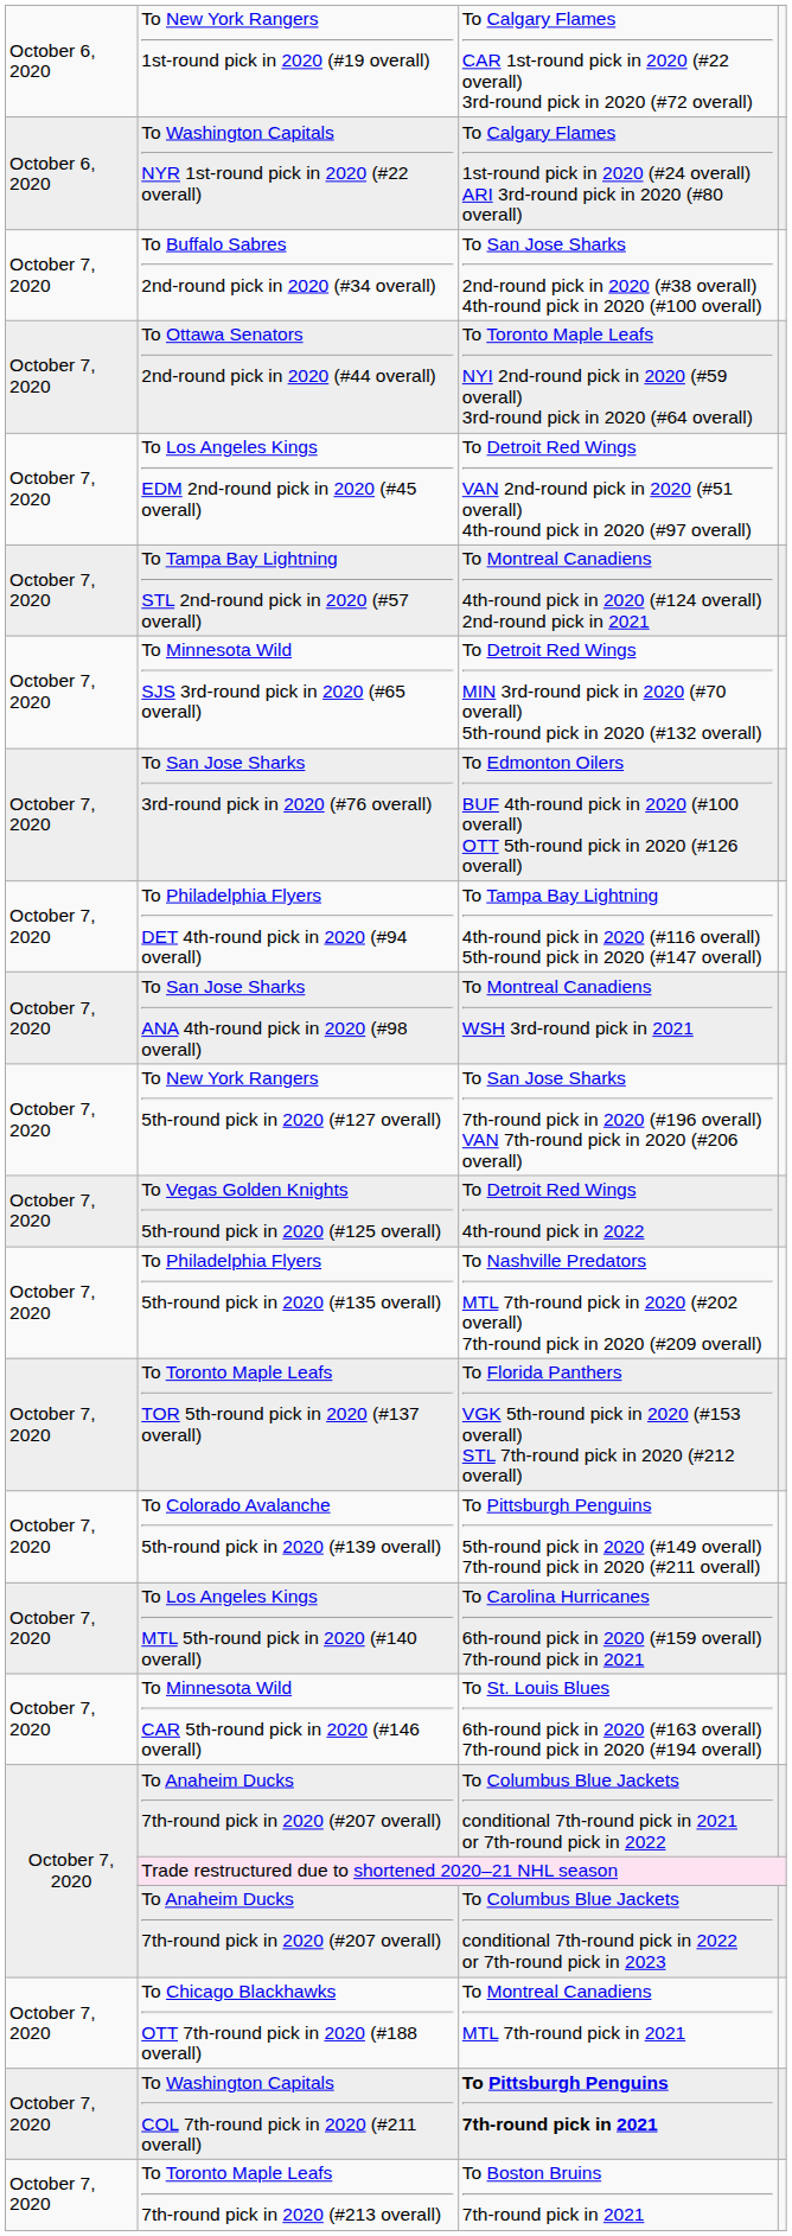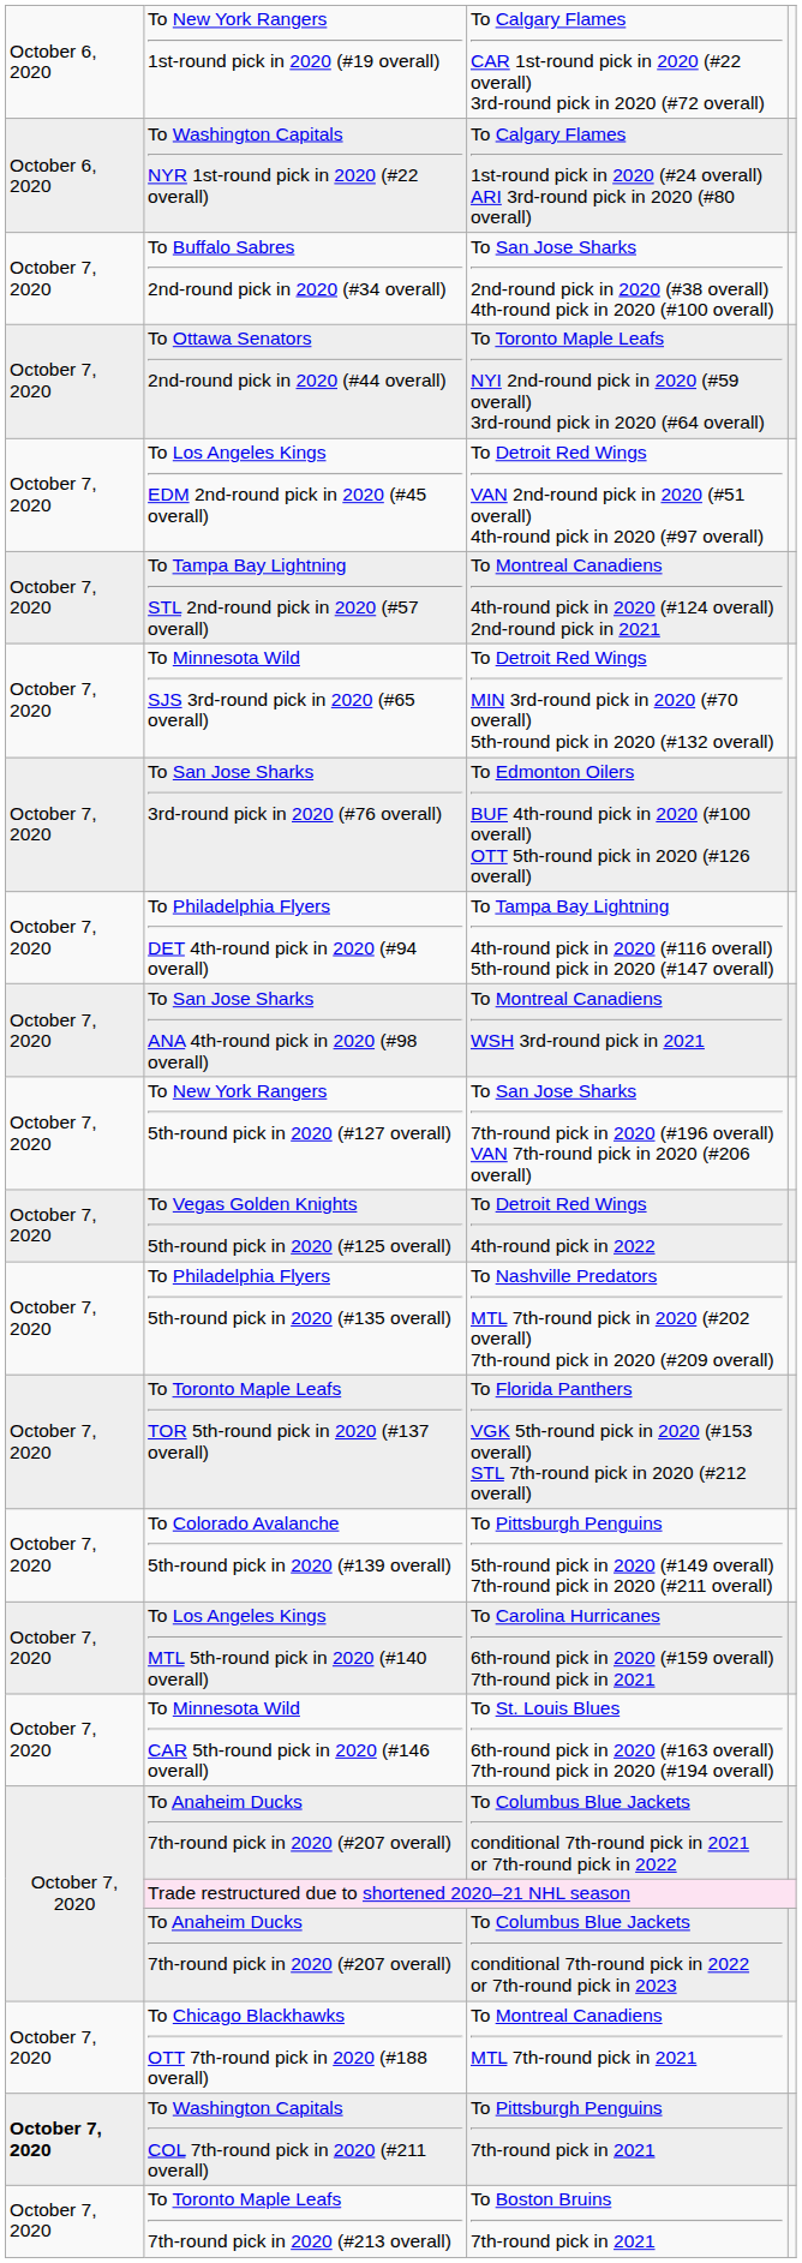 <table class="wikitable" style="border:1px solid #999999; width:680px;">
 <tr>
 <td>October 6, 2020</td>
 <td valign="top">To <a href='#'>New York Rangers</a><hr>1st-round pick in <a href='#'>2020</a> (#19 overall)</td>
 <td valign="top">To <a href='#'>Calgary Flames</a><hr><a href='#'>CAR</a> 1st-round pick in <a href='#'>2020</a> (#22 overall)<br>3rd-round pick in 2020 (#72 overall)</td>
 <td></td>
 </tr>
 <tr bgcolor="eeeeee">
 <td>October 6, 2020</td>
 <td valign="top">To <a href='#'>Washington Capitals</a><hr><a href='#'>NYR</a> 1st-round pick in <a href='#'>2020</a> (#22 overall)</td>
 <td valign="top">To <a href='#'>Calgary Flames</a><hr>1st-round pick in <a href='#'>2020</a> (#24 overall)<br><a href='#'>ARI</a> 3rd-round pick in 2020 (#80 overall)</td>
 <td></td>
 </tr>
 <tr>
 <td>October 7, 2020</td>
 <td valign="top">To <a href='#'>Buffalo Sabres</a><hr>2nd-round pick in <a href='#'>2020</a> (#34 overall)</td>
 <td valign="top">To <a href='#'>San Jose Sharks</a><hr>2nd-round pick in <a href='#'>2020</a> (#38 overall)<br>4th-round pick in 2020 (#100 overall)</td>
 <td></td>
 </tr>
 <tr bgcolor="eeeeee">
 <td>October 7, 2020</td>
 <td valign="top">To <a href='#'>Ottawa Senators</a><hr>2nd-round pick in <a href='#'>2020</a> (#44 overall)</td>
 <td valign="top">To <a href='#'>Toronto Maple Leafs</a><hr><a href='#'>NYI</a> 2nd-round pick in <a href='#'>2020</a> (#59 overall)<br>3rd-round pick in 2020 (#64 overall)</td>
 <td></td>
 </tr>
 <tr>
 <td>October 7, 2020</td>
 <td valign="top">To <a href='#'>Los Angeles Kings</a><hr><a href='#'>EDM</a> 2nd-round pick in <a href='#'>2020</a> (#45 overall)</td>
 <td valign="top">To <a href='#'>Detroit Red Wings</a><hr><a href='#'>VAN</a> 2nd-round pick in <a href='#'>2020</a> (#51 overall)<br>4th-round pick in 2020 (#97 overall)</td>
 <td></td>
 </tr>
 <tr bgcolor="eeeeee">
 <td>October 7, 2020</td>
 <td valign="top">To <a href='#'>Tampa Bay Lightning</a><hr><a href='#'>STL</a> 2nd-round pick in <a href='#'>2020</a> (#57 overall)</td>
 <td valign="top">To <a href='#'>Montreal Canadiens</a><hr>4th-round pick in <a href='#'>2020</a> (#124 overall)<br>2nd-round pick in <a href='#'>2021</a></td>
 <td></td>
 </tr>
 <tr>
 <td>October 7, 2020</td>
 <td valign="top">To <a href='#'>Minnesota Wild</a><hr><a href='#'>SJS</a> 3rd-round pick in <a href='#'>2020</a> (#65 overall)</td>
 <td valign="top">To <a href='#'>Detroit Red Wings</a><hr><a href='#'>MIN</a> 3rd-round pick in <a href='#'>2020</a> (#70 overall)<br>5th-round pick in 2020 (#132 overall)</td>
 <td></td>
 </tr>
 <tr bgcolor="eeeeee">
 <td>October 7, 2020</td>
 <td valign="top">To <a href='#'>San Jose Sharks</a><hr>3rd-round pick in <a href='#'>2020</a> (#76 overall)</td>
 <td valign="top">To <a href='#'>Edmonton Oilers</a><hr><a href='#'>BUF</a> 4th-round pick in <a href='#'>2020</a> (#100 overall)<br><a href='#'>OTT</a> 5th-round pick in 2020 (#126 overall)</td>
 <td></td>
 </tr>
 <tr>
 <td>October 7, 2020</td>
 <td valign="top">To <a href='#'>Philadelphia Flyers</a><hr><a href='#'>DET</a> 4th-round pick in <a href='#'>2020</a> (#94 overall)</td>
 <td valign="top">To <a href='#'>Tampa Bay Lightning</a><hr>4th-round pick in <a href='#'>2020</a> (#116 overall)<br>5th-round pick in 2020 (#147 overall)</td>
 <td></td>
 </tr>
 <tr bgcolor="eeeeee">
 <td>October 7, 2020</td>
 <td valign="top">To <a href='#'>San Jose Sharks</a><hr><a href='#'>ANA</a> 4th-round pick in <a href='#'>2020</a> (#98 overall)</td>
 <td valign="top">To <a href='#'>Montreal Canadiens</a><hr><a href='#'>WSH</a> 3rd-round pick in <a href='#'>2021</a></td>
 <td></td>
 </tr>
 <tr>
 <td>October 7, 2020</td>
 <td valign="top">To <a href='#'>New York Rangers</a><hr>5th-round pick in <a href='#'>2020</a> (#127 overall)</td>
 <td valign="top">To <a href='#'>San Jose Sharks</a><hr>7th-round pick in <a href='#'>2020</a> (#196 overall)<br><a href='#'>VAN</a> 7th-round pick in 2020 (#206 overall)</td>
 <td></td>
 </tr>
 <tr bgcolor="eeeeee">
 <td>October 7, 2020</td>
 <td valign="top">To <a href='#'>Vegas Golden Knights</a><hr>5th-round pick in <a href='#'>2020</a> (#125 overall)</td>
 <td valign="top">To <a href='#'>Detroit Red Wings</a><hr>4th-round pick in <a href='#'>2022</a></td>
 <td></td>
 </tr>
 <tr>
 <td>October 7, 2020</td>
 <td valign="top">To <a href='#'>Philadelphia Flyers</a><hr>5th-round pick in <a href='#'>2020</a> (#135 overall)</td>
 <td valign="top">To <a href='#'>Nashville Predators</a><hr><a href='#'>MTL</a> 7th-round pick in <a href='#'>2020</a> (#202 overall)<br>7th-round pick in 2020 (#209 overall)</td>
 <td></td>
 </tr>
 <tr bgcolor="eeeeee">
 <td>October 7, 2020</td>
 <td valign="top">To <a href='#'>Toronto Maple Leafs</a><hr><a href='#'>TOR</a> 5th-round pick in <a href='#'>2020</a> (#137 overall)</td>
 <td valign="top">To <a href='#'>Florida Panthers</a><hr><a href='#'>VGK</a> 5th-round pick in <a href='#'>2020</a> (#153 overall)<br><a href='#'>STL</a> 7th-round pick in 2020 (#212 overall)</td>
 <td></td>
 </tr>
 <tr>
 <td>October 7, 2020</td>
 <td valign="top">To <a href='#'>Colorado Avalanche</a><hr>5th-round pick in <a href='#'>2020</a> (#139 overall)</td>
 <td valign="top">To <a href='#'>Pittsburgh Penguins</a><hr>5th-round pick in <a href='#'>2020</a> (#149 overall)<br>7th-round pick in 2020 (#211 overall)</td>
 <td></td>
 </tr>
 <tr bgcolor="eeeeee">
 <td>October 7, 2020</td>
 <td valign="top">To <a href='#'>Los Angeles Kings</a><hr><a href='#'>MTL</a> 5th-round pick in <a href='#'>2020</a> (#140 overall)</td>
 <td valign="top">To <a href='#'>Carolina Hurricanes</a><hr>6th-round pick in <a href='#'>2020</a> (#159 overall)<br> 7th-round pick in <a href='#'>2021</a></td>
 <td></td>
 </tr>
 <tr>
 <td>October 7, 2020</td>
 <td valign="top">To <a href='#'>Minnesota Wild</a><hr><a href='#'>CAR</a> 5th-round pick in <a href='#'>2020</a> (#146 overall)</td>
 <td valign="top">To <a href='#'>St. Louis Blues</a><hr>6th-round pick in <a href='#'>2020</a> (#163 overall)<br>7th-round pick in 2020 (#194 overall)</td>
 <td></td>
 </tr>
 <tr bgcolor="eeeeee">
 <td rowspan="3" ; align="center">October 7, 2020</td>
 <td valign="top">To <a href='#'>Anaheim Ducks</a><hr>7th-round pick in <a href='#'>2020</a> (#207 overall)</td>
 <td valign="top">To <a href='#'>Columbus Blue Jackets</a><hr><span>conditional</span> 7th-round pick in <a href='#'>2021</a><br>or 7th-round pick in <a href='#'>2022</a></td>
 <td></td>
 </tr>
 <tr bgcolor="FDE3F2">
 <td colspan="3">Trade restructured due to <a href='#'>shortened 2020–21 NHL season</a></td>
 </tr>
 <tr bgcolor="eeeeee">
 <td valign="top">To <a href='#'>Anaheim Ducks</a><hr>7th-round pick in <a href='#'>2020</a> (#207 overall)</td>
 <td valign="top">To <a href='#'>Columbus Blue Jackets</a><hr><span>conditional</span> 7th-round pick in <a href='#'>2022</a><br>or 7th-round pick in <a href='#'>2023</a></td>
 <td></td>
 </tr>
 <tr>
 <td>October 7, 2020</td>
 <td valign="top">To <a href='#'>Chicago Blackhawks</a><hr><a href='#'>OTT</a> 7th-round pick in <a href='#'>2020</a> (#188 overall)</td>
 <td valign="top">To <a href='#'>Montreal Canadiens</a><hr><a href='#'>MTL</a> 7th-round pick in <a href='#'>2021</a></td>
 <td></td>
 </tr>
 <tr bgcolor="eeeeee">
-<td>October 7, 2020</td>
+<td><strong>October 7, 2020</strong></td>
 <td valign="top">To <a href='#'>Washington Capitals</a><hr><a href='#'>COL</a> 7th-round pick in <a href='#'>2020</a> (#211 overall)</td>
-<td valign="top"><strong>To <a href='#'>Pittsburgh Penguins</a><hr>7th-round pick in <a href='#'>2021</a></strong></td>
+<td valign="top">To <a href='#'>Pittsburgh Penguins</a><hr>7th-round pick in <a href='#'>2021</a></td>
 <td></td>
 </tr>
 <tr>
 <td>October 7, 2020</td>
 <td valign="top">To <a href='#'>Toronto Maple Leafs</a><hr>7th-round pick in <a href='#'>2020</a> (#213 overall)</td>
 <td valign="top">To <a href='#'>Boston Bruins</a><hr>7th-round pick in <a href='#'>2021</a></td>
 <td></td>
 </tr>
 </table>
